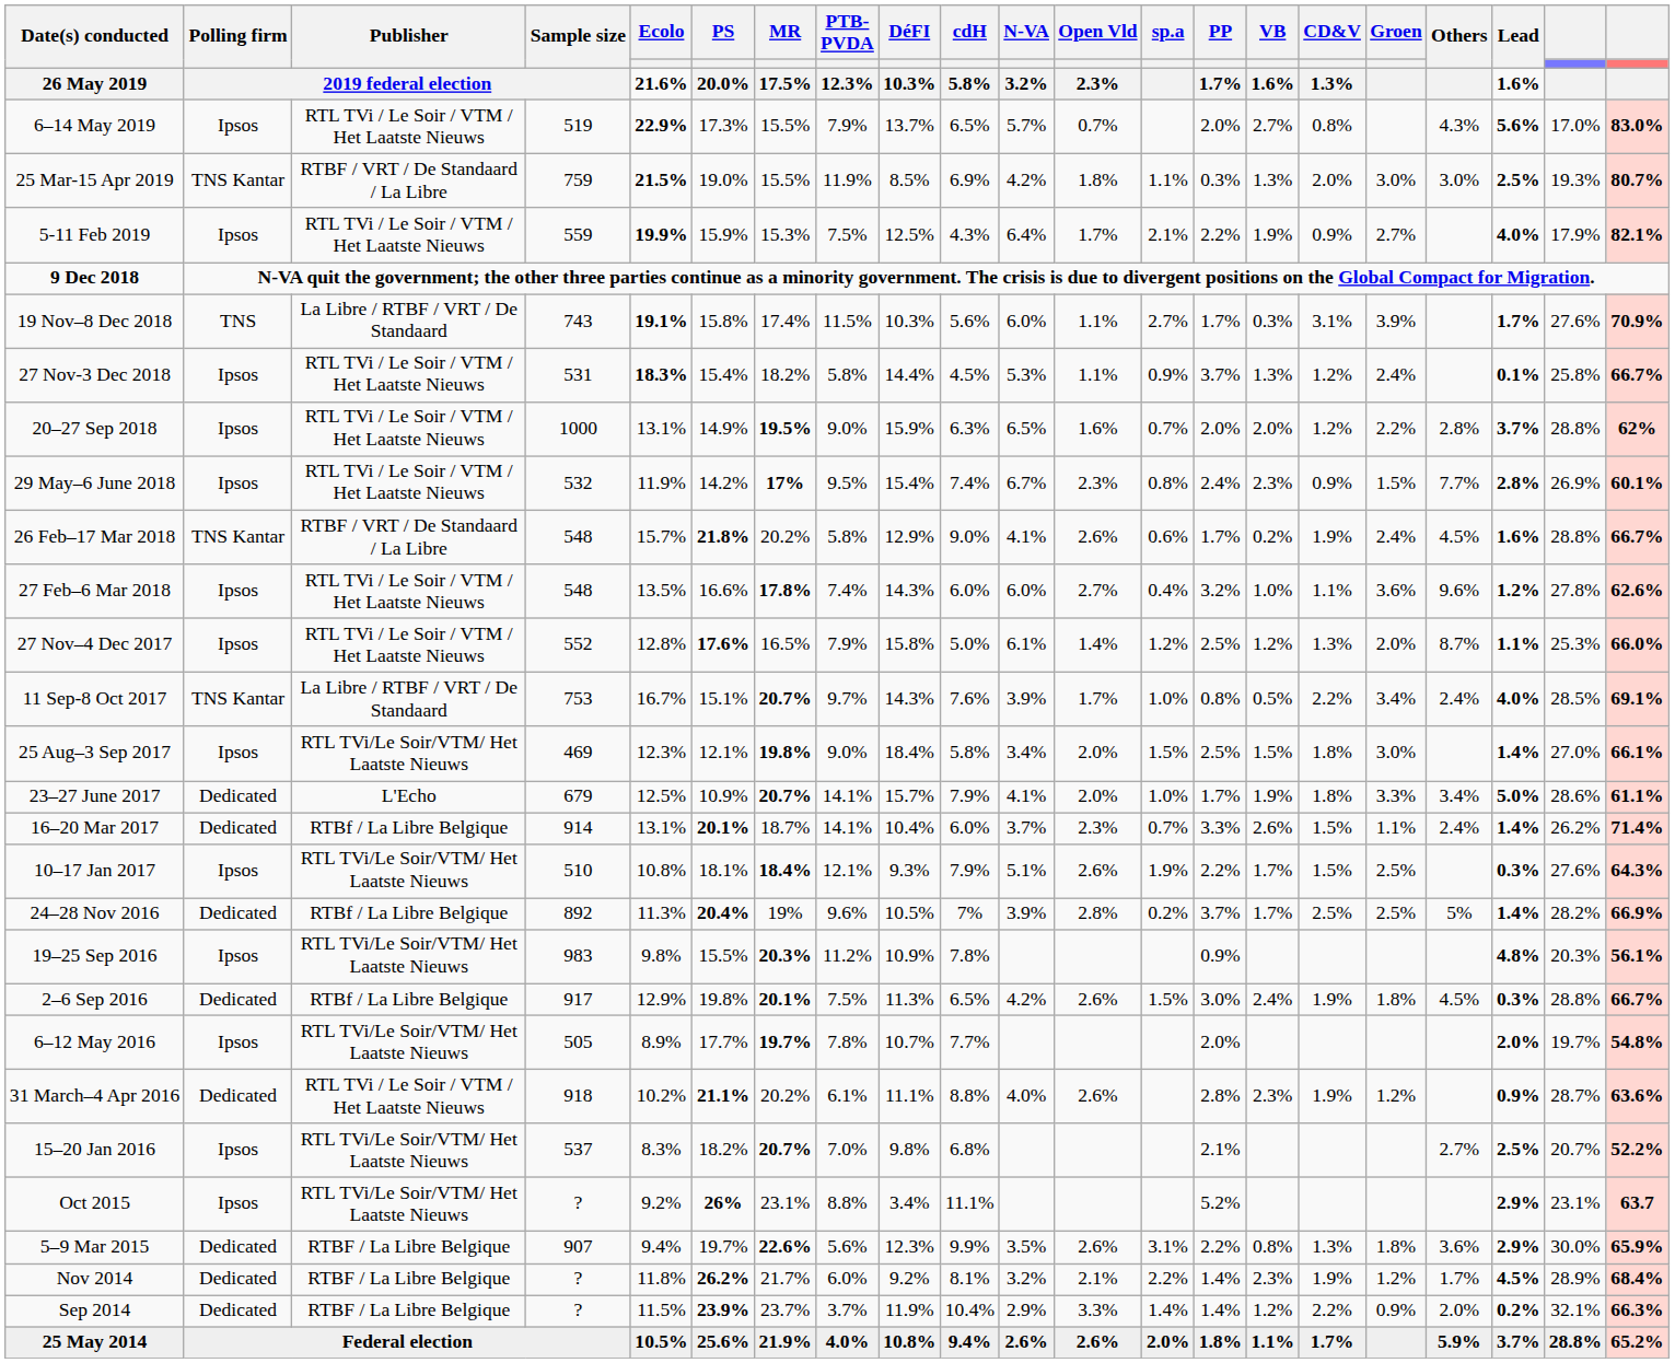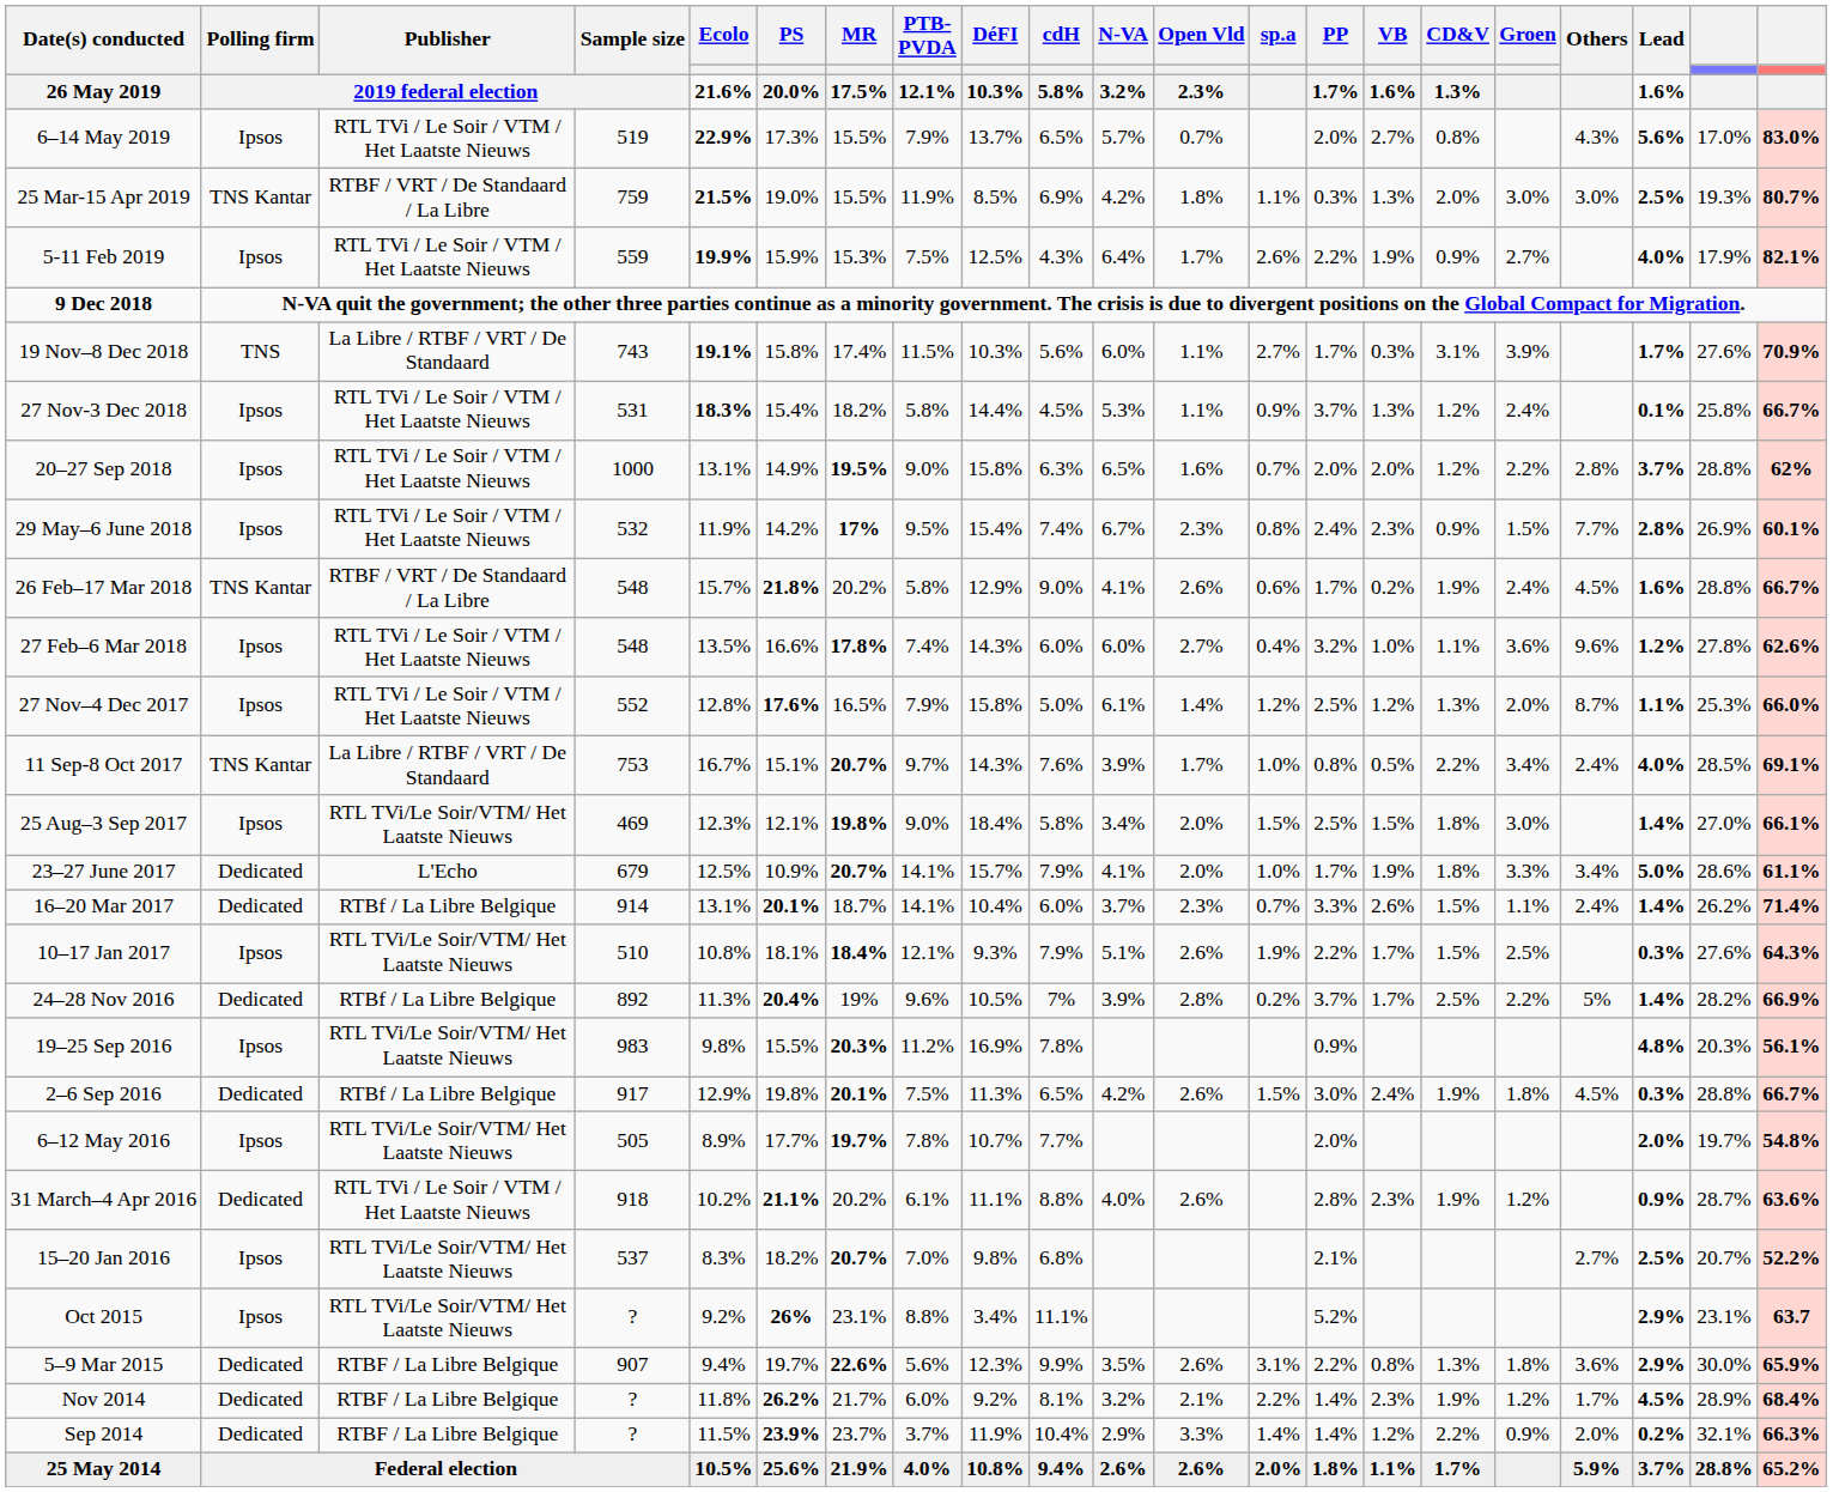 <table class="wikitable" style="text-align:center; font-size:80%; line-height:15px;">
 <tr style="background-color:#E9E9E9">
 <th rowspan="2">Date(s) conducted</th>
 <th rowspan="2">Polling firm</th>
 <th width="150" rowspan="2">Publisher</th>
 <th rowspan="2">Sample size</th>
 <th><a href='#'><span>Ecolo</span></a></th>
 <th><a href='#'><span>PS</span></a></th>
 <th><a href='#'><span>MR</span></a></th>
 <th><a href='#'><span>PTB-<br>PVDA</span></a></th>
 <th><a href='#'><span>DéFI</span></a></th>
 <th><a href='#'><span>cdH</span></a></th>
 <th><a href='#'><span>N-VA</span></a></th>
 <th><a href='#'><span>Open Vld</span></a></th>
 <th><a href='#'><span>sp.a</span></a></th>
 <th><a href='#'><span>PP</span></a></th>
 <th><a href='#'><span>VB</span></a></th>
 <th><a href='#'><span>CD&V</span></a></th>
 <th><a href='#'><span>Groen</span></a></th>
 <th rowspan="2">Others</th>
 <th rowspan="2">Lead</th>
 <th></th>
 <th></th>
 </tr>
 <tr>
 <th style="background:"></th>
 <th style="background:"></th>
 <th style="background:"></th>
 <th style="background:"></th>
 <th style="background:"></th>
 <th style="background:"></th>
 <th style="background:"></th>
 <th style="background:"></th>
 <th style="background:"></th>
 <th style="background:"></th>
 <th style="background:"></th>
 <th style="background:"></th>
 <th style="background:"></th>
 <th style="color:inherit;background:#7777FF"></th>
 <th style="color:inherit;background:#FF7777"></th>
 </tr>
 <tr>
 <th>26 May 2019</th>
 <th colspan="3"><a href='#'>2019 federal election</a></th>
 <td style="background-color:#"><strong>21.6%</strong></td>
 <th>20.0%</th>
 <th>17.5%</th>
-<th>12.3%</th>
+<th>12.1%</th>
 <th>10.3%</th>
 <th>5.8%</th>
 <th>3.2%</th>
 <th>2.3%</th>
 <th></th>
 <th>1.7%</th>
 <th>1.6%</th>
 <th>1.3%</th>
 <th></th>
 <th></th>
 <td style="background:"><strong>1.6%</strong></td>
 <th></th>
 <th></th>
 </tr>
 <tr>
 <td>6–14 May 2019</td>
 <td>Ipsos</td>
 <td>RTL TVi / Le Soir / VTM / Het Laatste Nieuws </td>
 <td>519</td>
 <td style="background-color:#"><strong>22.9%</strong></td>
 <td>17.3%</td>
 <td>15.5%</td>
 <td>7.9%</td>
 <td>13.7%</td>
 <td>6.5%</td>
 <td>5.7%</td>
 <td>0.7%</td>
 <td></td>
 <td>2.0%</td>
 <td>2.7%</td>
 <td>0.8%</td>
 <td></td>
 <td>4.3%</td>
 <td style="background:"><strong>5.6%</strong></td>
 <td>17.0%</td>
 <td style="background:#FFD7D2"><strong>83.0%</strong></td>
 </tr>
 <tr>
 <td>25 Mar-15 Apr 2019</td>
 <td>TNS Kantar</td>
 <td>RTBF / VRT / De Standaard / La Libre</td>
 <td>759</td>
 <td style="background-color:#"><strong>21.5%</strong></td>
 <td>19.0%</td>
 <td>15.5%</td>
 <td>11.9%</td>
 <td>8.5%</td>
 <td>6.9%</td>
 <td>4.2%</td>
 <td>1.8%</td>
 <td>1.1%</td>
 <td>0.3%</td>
 <td>1.3%</td>
 <td>2.0%</td>
 <td>3.0%</td>
 <td>3.0%</td>
 <td style="background:"><strong>2.5%</strong></td>
 <td>19.3%</td>
 <td style="background:#FFD7D2"><strong>80.7%</strong></td>
 </tr>
 <tr>
 <td>5-11 Feb 2019</td>
 <td>Ipsos</td>
 <td>RTL TVi / Le Soir / VTM / Het Laatste Nieuws</td>
 <td>559</td>
 <td style="background-color:#"><strong>19.9%</strong></td>
 <td>15.9%</td>
 <td>15.3%</td>
 <td>7.5%</td>
 <td>12.5%</td>
 <td>4.3%</td>
 <td>6.4%</td>
 <td>1.7%</td>
-<td>2.1%</td>
+<td>2.6%</td>
 <td>2.2%</td>
 <td>1.9%</td>
 <td>0.9%</td>
 <td>2.7%</td>
 <td></td>
 <td style="background:"><strong>4.0%</strong></td>
 <td>17.9%</td>
 <td style="background:#FFD7D2"><strong>82.1%</strong></td>
 </tr>
 <tr>
 <td><strong>9 Dec 2018</strong></td>
 <td colspan="20"><strong>N-VA quit the government; the other three parties continue as a minority government. The crisis is due to divergent positions on the <a href='#'>Global Compact for Migration</a>.</strong></td>
 </tr>
 <tr>
 <td>19 Nov–8 Dec 2018</td>
 <td>TNS</td>
 <td>La Libre / RTBF / VRT / De Standaard </td>
 <td>743</td>
 <td style="background-color:#"><strong>19.1%</strong></td>
 <td>15.8%</td>
 <td>17.4%</td>
 <td>11.5%</td>
 <td>10.3%</td>
 <td>5.6%</td>
 <td>6.0%</td>
 <td>1.1%</td>
 <td>2.7%</td>
 <td>1.7%</td>
 <td>0.3%</td>
 <td>3.1%</td>
 <td>3.9%</td>
 <td></td>
 <td style="background:"><strong>1.7%</strong></td>
 <td>27.6%</td>
 <td style="background:#FFD7D2"><strong>70.9%</strong></td>
 </tr>
 <tr>
 <td>27 Nov-3 Dec 2018</td>
 <td>Ipsos</td>
 <td>RTL TVi / Le Soir / VTM / Het Laatste Nieuws</td>
 <td>531</td>
 <td style="background-color:#"><strong>18.3%</strong></td>
 <td>15.4%</td>
 <td>18.2%</td>
 <td>5.8%</td>
 <td>14.4%</td>
 <td>4.5%</td>
 <td>5.3%</td>
 <td>1.1%</td>
 <td>0.9%</td>
 <td>3.7%</td>
 <td>1.3%</td>
 <td>1.2%</td>
 <td>2.4%</td>
 <td></td>
 <td style="background:"><strong>0.1%</strong></td>
 <td>25.8%</td>
 <td style="background:#FFD7D2"><strong>66.7%</strong></td>
 </tr>
 <tr>
 <td>20–27 Sep 2018</td>
 <td>Ipsos</td>
 <td>RTL TVi / Le Soir / VTM / Het Laatste Nieuws</td>
 <td>1000</td>
 <td>13.1%</td>
 <td>14.9%</td>
 <td style="background-color:#"><strong>19.5%</strong></td>
 <td>9.0%</td>
-<td>15.9%</td>
+<td>15.8%</td>
 <td>6.3%</td>
 <td>6.5%</td>
 <td>1.6%</td>
 <td>0.7%</td>
 <td>2.0%</td>
 <td>2.0%</td>
 <td>1.2%</td>
 <td>2.2%</td>
 <td>2.8%</td>
 <td style="background:"><strong>3.7%</strong></td>
 <td>28.8%</td>
 <td style="background:#FFD7D2"><strong>62%</strong></td>
 </tr>
 <tr>
 <td>29 May–6 June 2018</td>
 <td>Ipsos</td>
 <td>RTL TVi / Le Soir / VTM / Het Laatste Nieuws</td>
 <td>532</td>
 <td>11.9%</td>
 <td>14.2%</td>
 <td style="background-color:#"><strong>17%</strong></td>
 <td>9.5%</td>
 <td>15.4%</td>
 <td>7.4%</td>
 <td>6.7%</td>
 <td>2.3%</td>
 <td>0.8%</td>
 <td>2.4%</td>
 <td>2.3%</td>
 <td>0.9%</td>
 <td>1.5%</td>
 <td>7.7%</td>
 <td style="background:"><strong>2.8%</strong></td>
 <td>26.9%</td>
 <td style="background:#FFD7D2"><strong>60.1%</strong></td>
 </tr>
 <tr>
 <td>26 Feb–17 Mar 2018</td>
 <td>TNS Kantar</td>
 <td>RTBF / VRT / De Standaard / La Libre </td>
 <td>548</td>
 <td>15.7%</td>
 <td style="background-color:#"><strong>21.8%</strong></td>
 <td>20.2%</td>
 <td>5.8%</td>
 <td>12.9%</td>
 <td>9.0%</td>
 <td>4.1%</td>
 <td>2.6%</td>
 <td>0.6%</td>
 <td>1.7%</td>
 <td>0.2%</td>
 <td>1.9%</td>
 <td>2.4%</td>
 <td>4.5%</td>
 <td style="background:"><strong>1.6%</strong></td>
 <td>28.8%</td>
 <td style="background:#FFD7D2"><strong>66.7%</strong></td>
 </tr>
 <tr>
 <td>27 Feb–6 Mar 2018</td>
 <td>Ipsos</td>
 <td>RTL TVi / Le Soir / VTM / Het Laatste Nieuws</td>
 <td>548</td>
 <td>13.5%</td>
 <td>16.6%</td>
 <td style="background-color:#"><strong>17.8%</strong></td>
 <td>7.4%</td>
 <td>14.3%</td>
 <td>6.0%</td>
 <td>6.0%</td>
 <td>2.7%</td>
 <td>0.4%</td>
 <td>3.2%</td>
 <td>1.0%</td>
 <td>1.1%</td>
 <td>3.6%</td>
 <td>9.6%</td>
 <td style="background:"><strong>1.2%</strong></td>
 <td>27.8%</td>
 <td style="background:#FFD7D2"><strong>62.6%</strong></td>
 </tr>
 <tr>
 <td>27 Nov–4 Dec 2017</td>
 <td>Ipsos</td>
 <td>RTL TVi / Le Soir / VTM / Het Laatste Nieuws</td>
 <td>552</td>
 <td>12.8%</td>
 <td style="background-color:#"><strong>17.6%</strong></td>
 <td>16.5%</td>
 <td>7.9%</td>
 <td>15.8%</td>
 <td>5.0%</td>
 <td>6.1%</td>
 <td>1.4%</td>
 <td>1.2%</td>
 <td>2.5%</td>
 <td>1.2%</td>
 <td>1.3%</td>
 <td>2.0%</td>
 <td>8.7%</td>
 <td style="background:"><strong>1.1%</strong></td>
 <td>25.3%</td>
 <td style="background:#FFD7D2"><strong>66.0%</strong></td>
 </tr>
 <tr>
 <td>11 Sep-8 Oct 2017</td>
 <td>TNS Kantar</td>
 <td>La Libre / RTBF / VRT / De Standaard</td>
 <td>753</td>
 <td>16.7%</td>
 <td>15.1%</td>
 <td style="background-color:#"><strong>20.7%</strong></td>
 <td>9.7%</td>
 <td>14.3%</td>
 <td>7.6%</td>
 <td>3.9%</td>
 <td>1.7%</td>
 <td>1.0%</td>
 <td>0.8%</td>
 <td>0.5%</td>
 <td>2.2%</td>
 <td>3.4%</td>
 <td>2.4%</td>
 <td style="background:"><strong>4.0%</strong></td>
 <td>28.5%</td>
 <td style="background:#FFD7D2"><strong>69.1%</strong></td>
 </tr>
 <tr>
 <td>25 Aug–3 Sep 2017</td>
 <td>Ipsos</td>
 <td>RTL TVi/Le Soir/VTM/ Het Laatste Nieuws</td>
 <td>469</td>
 <td>12.3%</td>
 <td>12.1%</td>
 <td style="background-color:#"><strong>19.8%</strong></td>
 <td>9.0%</td>
 <td>18.4%</td>
 <td>5.8%</td>
 <td>3.4%</td>
 <td>2.0%</td>
 <td>1.5%</td>
 <td>2.5%</td>
 <td>1.5%</td>
 <td>1.8%</td>
 <td>3.0%</td>
 <td></td>
 <td style="background:"><strong>1.4%</strong></td>
 <td>27.0%</td>
 <td style="background:#FFD7D2"><strong>66.1%</strong></td>
 </tr>
 <tr>
 <td>23–27 June 2017</td>
 <td>Dedicated</td>
 <td>L'Echo</td>
 <td>679</td>
 <td>12.5%</td>
 <td>10.9%</td>
 <td style="background-color:#"><strong>20.7%</strong></td>
 <td>14.1%</td>
 <td>15.7%</td>
 <td>7.9%</td>
 <td>4.1%</td>
 <td>2.0%</td>
 <td>1.0%</td>
 <td>1.7%</td>
 <td>1.9%</td>
 <td>1.8%</td>
 <td>3.3%</td>
 <td>3.4%</td>
 <td style="background:"><strong>5.0%</strong></td>
 <td>28.6%</td>
 <td style="background:#FFD7D2"><strong>61.1%</strong></td>
 </tr>
 <tr>
 <td>16–20 Mar 2017</td>
 <td>Dedicated</td>
 <td>RTBf / La Libre Belgique</td>
 <td>914</td>
 <td>13.1%</td>
 <td style="background-color:#"><strong>20.1%</strong></td>
 <td>18.7%</td>
 <td>14.1%</td>
 <td>10.4%</td>
 <td>6.0%</td>
 <td>3.7%</td>
 <td>2.3%</td>
 <td>0.7%</td>
 <td>3.3%</td>
 <td>2.6%</td>
 <td>1.5%</td>
 <td>1.1%</td>
 <td>2.4%</td>
 <td style="background:"><strong>1.4%</strong></td>
 <td>26.2%</td>
 <td style="background:#FFD7D2"><strong>71.4%</strong></td>
 </tr>
 <tr>
 <td>10–17 Jan 2017</td>
 <td>Ipsos</td>
 <td>RTL TVi/Le Soir/VTM/ Het Laatste Nieuws</td>
 <td>510</td>
 <td>10.8%</td>
 <td>18.1%</td>
 <td style="background-color:#"><strong>18.4%</strong></td>
 <td>12.1%</td>
 <td>9.3%</td>
 <td>7.9%</td>
 <td>5.1%</td>
 <td>2.6%</td>
 <td>1.9%</td>
 <td>2.2%</td>
 <td>1.7%</td>
 <td>1.5%</td>
 <td>2.5%</td>
 <td></td>
 <td style="background:"><strong>0.3%</strong></td>
 <td>27.6%</td>
 <td style="background:#FFD7D2"><strong>64.3%</strong></td>
 </tr>
 <tr>
 <td>24–28 Nov 2016</td>
 <td>Dedicated</td>
 <td>RTBf / La Libre Belgique </td>
 <td>892</td>
 <td>11.3%</td>
 <td style="background-color:#"><strong>20.4%</strong></td>
 <td>19%</td>
 <td>9.6%</td>
 <td>10.5%</td>
 <td>7%</td>
 <td>3.9%</td>
 <td>2.8%</td>
 <td>0.2%</td>
 <td>3.7%</td>
 <td>1.7%</td>
 <td>2.5%</td>
-<td>2.5%</td>
+<td>2.2%</td>
 <td>5%</td>
 <td style="background:"><strong>1.4%</strong></td>
 <td>28.2%</td>
 <td style="background:#FFD7D2"><strong>66.9%</strong></td>
 </tr>
 <tr>
 <td>19–25 Sep 2016</td>
 <td>Ipsos</td>
 <td>RTL TVi/Le Soir/VTM/ Het Laatste Nieuws</td>
 <td>983</td>
 <td>9.8%</td>
 <td>15.5%</td>
 <td style="background-color:#"><strong>20.3%</strong></td>
 <td>11.2%</td>
-<td>10.9%</td>
+<td>16.9%</td>
 <td>7.8%</td>
 <td></td>
 <td></td>
 <td></td>
 <td>0.9%</td>
 <td></td>
 <td></td>
 <td></td>
 <td></td>
 <td style="background:"><strong>4.8%</strong></td>
 <td>20.3%</td>
 <td style="background:#FFD7D2"><strong>56.1%</strong></td>
 </tr>
 <tr>
 <td>2–6 Sep 2016</td>
 <td>Dedicated</td>
 <td>RTBf / La Libre Belgique </td>
 <td>917</td>
 <td>12.9%</td>
 <td>19.8%</td>
 <td style="background-color:#"><strong>20.1%</strong></td>
 <td>7.5%</td>
 <td>11.3%</td>
 <td>6.5%</td>
 <td>4.2%</td>
 <td>2.6%</td>
 <td>1.5%</td>
 <td>3.0%</td>
 <td>2.4%</td>
 <td>1.9%</td>
 <td>1.8%</td>
 <td>4.5%</td>
 <td style="background:"><strong>0.3%</strong></td>
 <td>28.8%</td>
 <td style="background:#FFD7D2"><strong>66.7%</strong></td>
 </tr>
 <tr>
 <td>6–12 May 2016</td>
 <td>Ipsos</td>
 <td>RTL TVi/Le Soir/VTM/ Het Laatste Nieuws</td>
 <td>505</td>
 <td>8.9%</td>
 <td>17.7%</td>
 <td style="background-color:#"><strong>19.7%</strong></td>
 <td>7.8%</td>
 <td>10.7%</td>
 <td>7.7%</td>
 <td></td>
 <td></td>
 <td></td>
 <td>2.0%</td>
 <td></td>
 <td></td>
 <td></td>
 <td></td>
 <td style="background:"><strong>2.0%</strong></td>
 <td>19.7%</td>
 <td style="background:#FFD7D2"><strong>54.8%</strong></td>
 </tr>
 <tr>
 <td>31 March–4 Apr 2016</td>
 <td>Dedicated</td>
 <td>RTL TVi / Le Soir / VTM / Het Laatste Nieuws</td>
 <td>918</td>
 <td>10.2%</td>
 <td style="background-color:#"><strong>21.1%</strong></td>
 <td>20.2%</td>
 <td>6.1%</td>
 <td>11.1%</td>
 <td>8.8%</td>
 <td>4.0%</td>
 <td>2.6%</td>
 <td></td>
 <td>2.8%</td>
 <td>2.3%</td>
 <td>1.9%</td>
 <td>1.2%</td>
 <td></td>
 <td style="background:"><strong>0.9%</strong></td>
 <td>28.7%</td>
 <td style="background:#FFD7D2"><strong>63.6%</strong></td>
 </tr>
 <tr>
 <td>15–20 Jan 2016</td>
 <td>Ipsos</td>
 <td>RTL TVi/Le Soir/VTM/ Het Laatste Nieuws</td>
 <td>537</td>
 <td>8.3%</td>
 <td>18.2%</td>
 <td style="background-color:#"><strong>20.7%</strong></td>
 <td>7.0%</td>
 <td>9.8%</td>
 <td>6.8%</td>
 <td></td>
 <td></td>
 <td></td>
 <td>2.1%</td>
 <td></td>
 <td></td>
 <td></td>
 <td>2.7%</td>
 <td style="background:"><strong>2.5%</strong></td>
 <td>20.7%</td>
 <td style="background:#FFD7D2"><strong>52.2%</strong></td>
 </tr>
 <tr>
 <td>Oct 2015</td>
 <td>Ipsos</td>
 <td>RTL TVi/Le Soir/VTM/ Het Laatste Nieuws</td>
 <td>?</td>
 <td>9.2%</td>
 <td style="background-color:#"><strong>26%</strong></td>
 <td>23.1%</td>
 <td>8.8%</td>
 <td>3.4%</td>
 <td>11.1%</td>
 <td></td>
 <td></td>
 <td></td>
 <td>5.2%</td>
 <td></td>
 <td></td>
 <td></td>
 <td></td>
 <td style="background:"><strong>2.9%</strong></td>
 <td>23.1%</td>
 <td style="background:#FFD7D2"><strong>63.7</strong></td>
 </tr>
 <tr>
 <td>5–9 Mar 2015</td>
 <td>Dedicated</td>
 <td>RTBF / La Libre Belgique</td>
 <td>907</td>
 <td>9.4%</td>
 <td>19.7%</td>
 <td style="background-color:#"><strong>22.6%</strong></td>
 <td>5.6%</td>
 <td>12.3%</td>
 <td>9.9%</td>
 <td>3.5%</td>
 <td>2.6%</td>
 <td>3.1%</td>
 <td>2.2%</td>
 <td>0.8%</td>
 <td>1.3%</td>
 <td>1.8%</td>
 <td>3.6%</td>
 <td style="background:"><strong>2.9%</strong></td>
 <td>30.0%</td>
 <td style="background:#FFD7D2"><strong>65.9%</strong></td>
 </tr>
 <tr>
 <td>Nov 2014</td>
 <td>Dedicated</td>
 <td>RTBF / La Libre Belgique</td>
 <td>?</td>
 <td>11.8%</td>
 <td style="background-color:#"><strong>26.2%</strong></td>
 <td>21.7%</td>
 <td>6.0%</td>
 <td>9.2%</td>
 <td>8.1%</td>
 <td>3.2%</td>
 <td>2.1%</td>
 <td>2.2%</td>
 <td>1.4%</td>
 <td>2.3%</td>
 <td>1.9%</td>
 <td>1.2%</td>
 <td>1.7%</td>
 <td style="background:"><strong>4.5%</strong></td>
 <td>28.9%</td>
 <td style="background:#FFD7D2"><strong>68.4%</strong></td>
 </tr>
 <tr>
 <td>Sep 2014</td>
 <td>Dedicated</td>
 <td>RTBF / La Libre Belgique</td>
 <td>?</td>
 <td>11.5%</td>
 <td style="background-color:#"><strong>23.9%</strong></td>
 <td>23.7%</td>
 <td>3.7%</td>
 <td>11.9%</td>
 <td>10.4%</td>
 <td>2.9%</td>
 <td>3.3%</td>
 <td>1.4%</td>
 <td>1.4%</td>
 <td>1.2%</td>
 <td>2.2%</td>
 <td>0.9%</td>
 <td>2.0%</td>
 <td style="background:"><strong>0.2%</strong></td>
 <td>32.1%</td>
 <td style="background:#FFD7D2"><strong>66.3%</strong></td>
 </tr>
 <tr style="background:#EFEFEF; font-weight:bold;">
 <td>25 May 2014</td>
 <td colspan="3">Federal election</td>
 <td>10.5%</td>
 <td style="background-color:#"><strong>25.6%</strong></td>
 <td>21.9%</td>
 <td>4.0%</td>
 <td>10.8%</td>
 <td>9.4%</td>
 <td>2.6%</td>
 <td>2.6%</td>
 <td>2.0%</td>
 <td>1.8%</td>
 <td>1.1%</td>
 <td>1.7%</td>
 <td></td>
 <td>5.9%</td>
 <td style="background:"><strong>3.7%</strong></td>
 <td>28.8%</td>
 <td style="background:#FFD7D2"><strong>65.2%</strong></td>
 </tr>
 </table>
